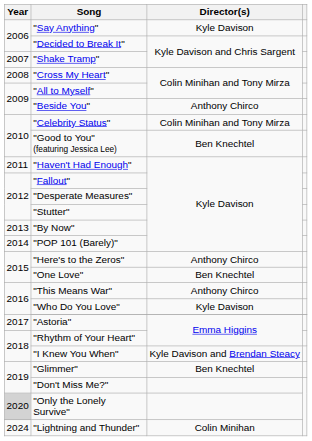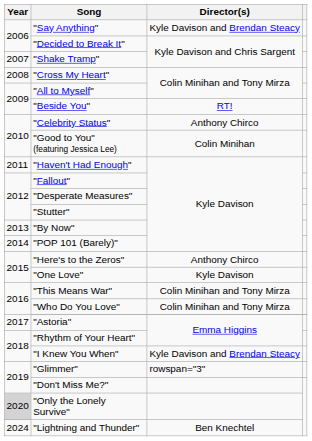 <table class="wikitable">
 <tr>
 <th>Year</th>
 <th scope="col" style="width:180px;">Song</th>
 <th scope="col">Director(s)</th>
 <th scope="col"></th>
 </tr>
 <tr>
 <td rowspan="2">2006</td>
 <td>"<a href='#'>Say Anything</a>"</td>
-<td align="center">Kyle Davison</td>
+<td align="center">Kyle Davison and <a href='#'>Brendan Steacy</a></td>
 <td></td>
 </tr>
 <tr>
 <td>"<a href='#'>Decided to Break It</a>"</td>
 <td align=center rowspan="2">Kyle Davison and Chris Sargent</td>
 <td></td>
 </tr>
 <tr>
 <td>2007</td>
 <td>"<a href='#'>Shake Tramp</a>"</td>
 <td></td>
 </tr>
 <tr>
 <td>2008</td>
 <td>"<a href='#'>Cross My Heart</a>"</td>
 <td align="center" rowspan="2">Colin Minihan and Tony Mirza</td>
 <td></td>
 </tr>
 <tr>
 <td rowspan="2">2009</td>
 <td>"<a href='#'>All to Myself</a>"</td>
 <td></td>
 </tr>
 <tr>
 <td>"<a href='#'>Beside You</a>"</td>
-<td align="center">Anthony Chirco</td>
+<td align="center"><a href='#'>RT!</a></td>
 <td></td>
 </tr>
 <tr>
 <td rowspan="2">2010</td>
 <td>"<a href='#'>Celebrity Status</a>"</td>
-<td align="center">Colin Minihan and Tony Mirza</td>
+<td align="center">Anthony Chirco</td>
 <td></td>
 </tr>
 <tr>
 <td>"Good to You" <br><small>(featuring Jessica Lee)</small></td>
-<td align="center">Ben Knechtel</td>
+<td align="center">Colin Minihan</td>
 <td></td>
 </tr>
 <tr>
 <td>2011</td>
 <td>"<a href='#'>Haven't Had Enough</a>"</td>
 <td align="center" rowspan="6">Kyle Davison</td>
 <td></td>
 </tr>
 <tr>
 <td rowspan="3">2012</td>
 <td>"<a href='#'>Fallout</a>"</td>
 <td></td>
 </tr>
 <tr>
 <td>"Desperate Measures"</td>
 <td></td>
 </tr>
 <tr>
 <td>"Stutter"</td>
 <td></td>
 </tr>
 <tr>
 <td>2013</td>
 <td>"By Now"</td>
 <td></td>
 </tr>
 <tr>
 <td>2014</td>
 <td>"POP 101 (Barely)"</td>
 <td></td>
 </tr>
 <tr>
 <td rowspan="2">2015</td>
 <td>"Here's to the Zeros"</td>
 <td align="center">Anthony Chirco</td>
 <td></td>
 </tr>
 <tr>
 <td>"One Love"</td>
-<td align="center">Ben Knechtel</td>
+<td align="center">Kyle Davison</td>
 <td></td>
 </tr>
 <tr>
 <td rowspan="2">2016</td>
 <td>"This Means War"</td>
-<td align="center">Anthony Chirco</td>
+<td align="center">Colin Minihan and Tony Mirza</td>
 <td></td>
 </tr>
 <tr>
 <td>"Who Do You Love"</td>
-<td align="center">Kyle Davison</td>
+<td align="center">Colin Minihan and Tony Mirza</td>
 <td></td>
 </tr>
 <tr>
 <td rowspan="2">2017</td>
 </tr>
 <tr>
 <td>"Astoria"</td>
 <td align="center" rowspan="2"><a href='#'>Emma Higgins</a></td>
 <td></td>
 </tr>
 <tr>
 <td rowspan="2">2018</td>
 <td>"Rhythm of Your Heart"</td>
 <td></td>
 </tr>
 <tr>
 <td>"I Knew You When"</td>
 <td align="center">Kyle Davison and <a href='#'>Brendan Steacy</a></td>
 <td></td>
 </tr>
 <tr>
 <td rowspan="2">2019</td>
 <td>"Glimmer"</td>
-<td align="center">Ben Knechtel</td>
+<td>rowspan="3" </td>
 <td></td>
 </tr>
 <tr>
 <td>"Don't Miss Me?"</td>
 <td></td>
 </tr>
 <tr>
 <td style="background: lightgrey;">2020</td>
 <td>"Only the Lonely Survive"</td>
 <td></td>
 </tr>
 <tr>
 <td>2024</td>
 <td>"Lightning and Thunder"</td>
-<td align="center">Colin Minihan</td>
+<td align="center">Ben Knechtel</td>
 </tr>
 </table>
